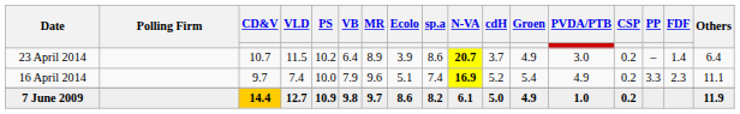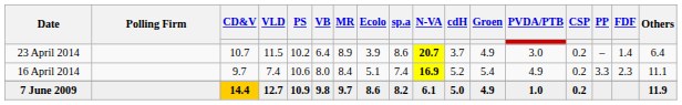 <table class="wikitable" style="text-align:center; font-size:85%; line-height:16px;">
 <tr style="height:42px;">
 <th style="width:100px;" rowspan="2">Date</th>
 <th style="width:150px;" rowspan="2">Polling Firm</th>
 <th><a href='#'><span>CD&V</span></a></th>
 <th><a href='#'><span>VLD</span></a></th>
 <th><a href='#'><span>PS</span></a></th>
 <th><a href='#'><span>VB</span></a></th>
 <th><a href='#'><span>MR</span></a></th>
 <th><a href='#'><span>Ecolo</span></a></th>
 <th><a href='#'><span>sp.a</span></a></th>
 <th><a href='#'><span>N-VA</span></a></th>
 <th><a href='#'><span>cdH</span></a></th>
 <th><a href='#'><span>Groen</span></a></th>
 <th><a href='#'><span>PVDA/PTB</span></a></th>
 <th><a href='#'><span>CSP</span></a></th>
 <th><a href='#'><span>PP</span></a></th>
 <th><a href='#'><span>FDF</span></a></th>
 <th style="width:40px;" rowspan="2">Others</th>
 </tr>
 <tr>
 <th style="color:inherit;background:"></th>
 <th style="color:inherit;background:"></th>
 <th style="color:inherit;background:"></th>
 <th style="color:inherit;background:"></th>
 <th style="color:inherit;background:"></th>
 <th style="color:inherit;background:"></th>
 <th style="color:inherit;background:"></th>
 <th style="color:inherit;background:"></th>
 <th style="color:inherit;background:"></th>
 <th style="color:inherit;background:"></th>
 <th style="color:inherit;background:#CC0000; width:30px;"></th>
 <th style="color:inherit;background:"></th>
 <th style="color:inherit;background:"></th>
 <th style="color:inherit;background:"></th>
 </tr>
 <tr>
 <td>23 April 2014</td>
 <td></td>
 <td>10.7</td>
 <td>11.5</td>
 <td>10.2</td>
 <td>6.4</td>
 <td>8.9</td>
 <td>3.9</td>
 <td>8.6</td>
 <td style="background:#FFFF00"><strong>20.7</strong></td>
 <td>3.7</td>
 <td>4.9</td>
 <td>3.0</td>
 <td>0.2</td>
 <td>–</td>
 <td>1.4</td>
 <td>6.4</td>
 </tr>
 <tr>
 <td>16 April 2014</td>
 <td></td>
 <td>9.7</td>
 <td>7.4</td>
-<td>10.0</td>
-<td>7.9</td>
-<td>9.6</td>
+<td>10.6</td>
+<td>8.0</td>
+<td>8.4</td>
 <td>5.1</td>
 <td>7.4</td>
 <td style="background:#FFFF00"><strong>16.9</strong></td>
 <td>5.2</td>
 <td>5.4</td>
 <td>4.9</td>
 <td>0.2</td>
 <td>3.3</td>
 <td>2.3</td>
 <td>11.1</td>
 </tr>
 <tr>
 </tr>
 <tr style="background:#EFEFEF; font-weight:bold;">
 <td>7 June 2009</td>
 <td></td>
 <td style="background:#FFCC00">14.4</td>
 <td>12.7</td>
 <td>10.9</td>
 <td>9.8</td>
 <td>9.7</td>
 <td>8.6</td>
 <td>8.2</td>
 <td>6.1</td>
 <td>5.0</td>
 <td>4.9</td>
 <td>1.0</td>
 <td>0.2</td>
 <td></td>
 <td></td>
 <td>11.9</td>
 </tr>
 </table>
